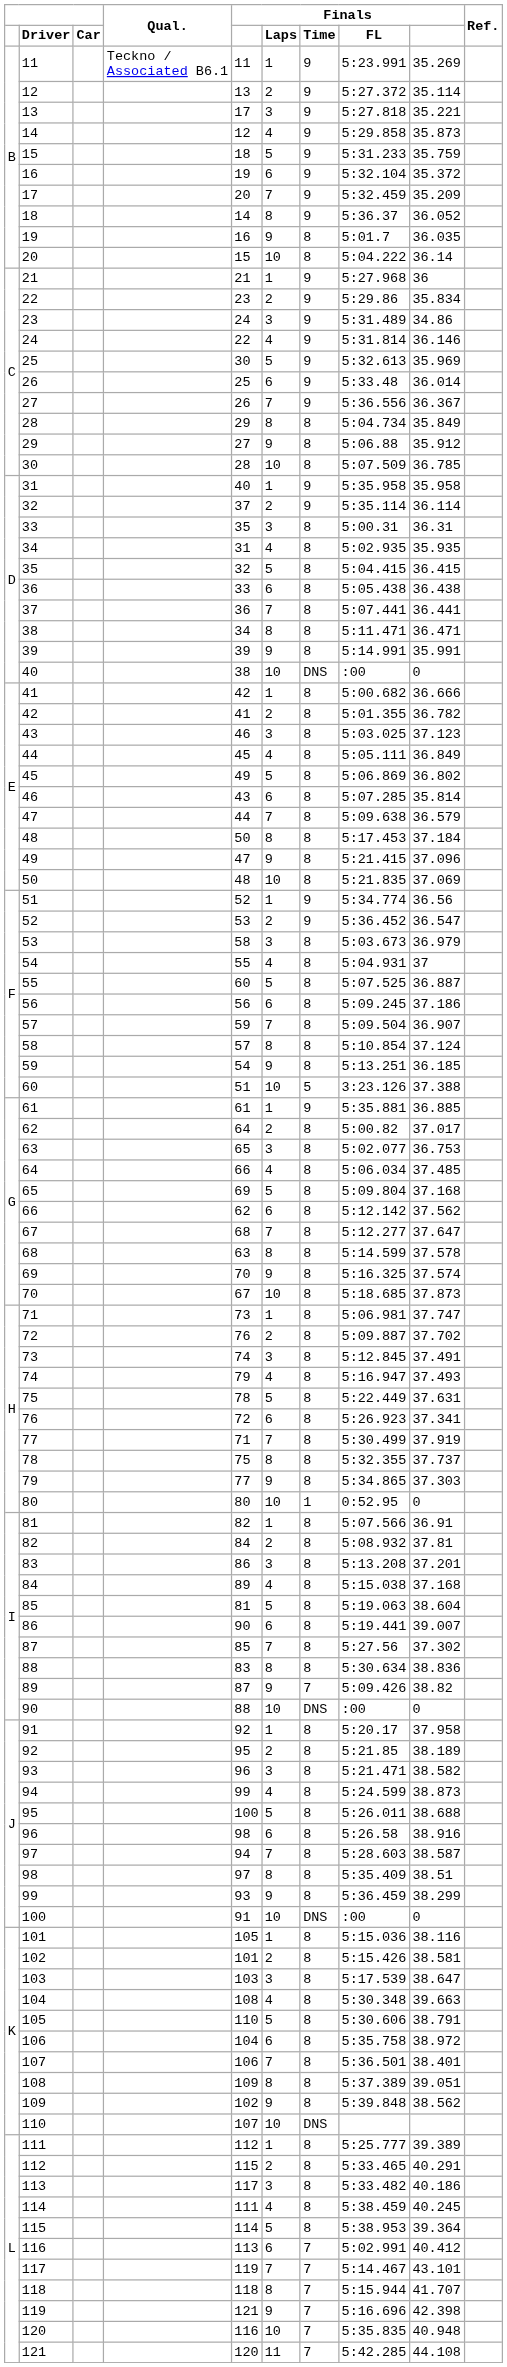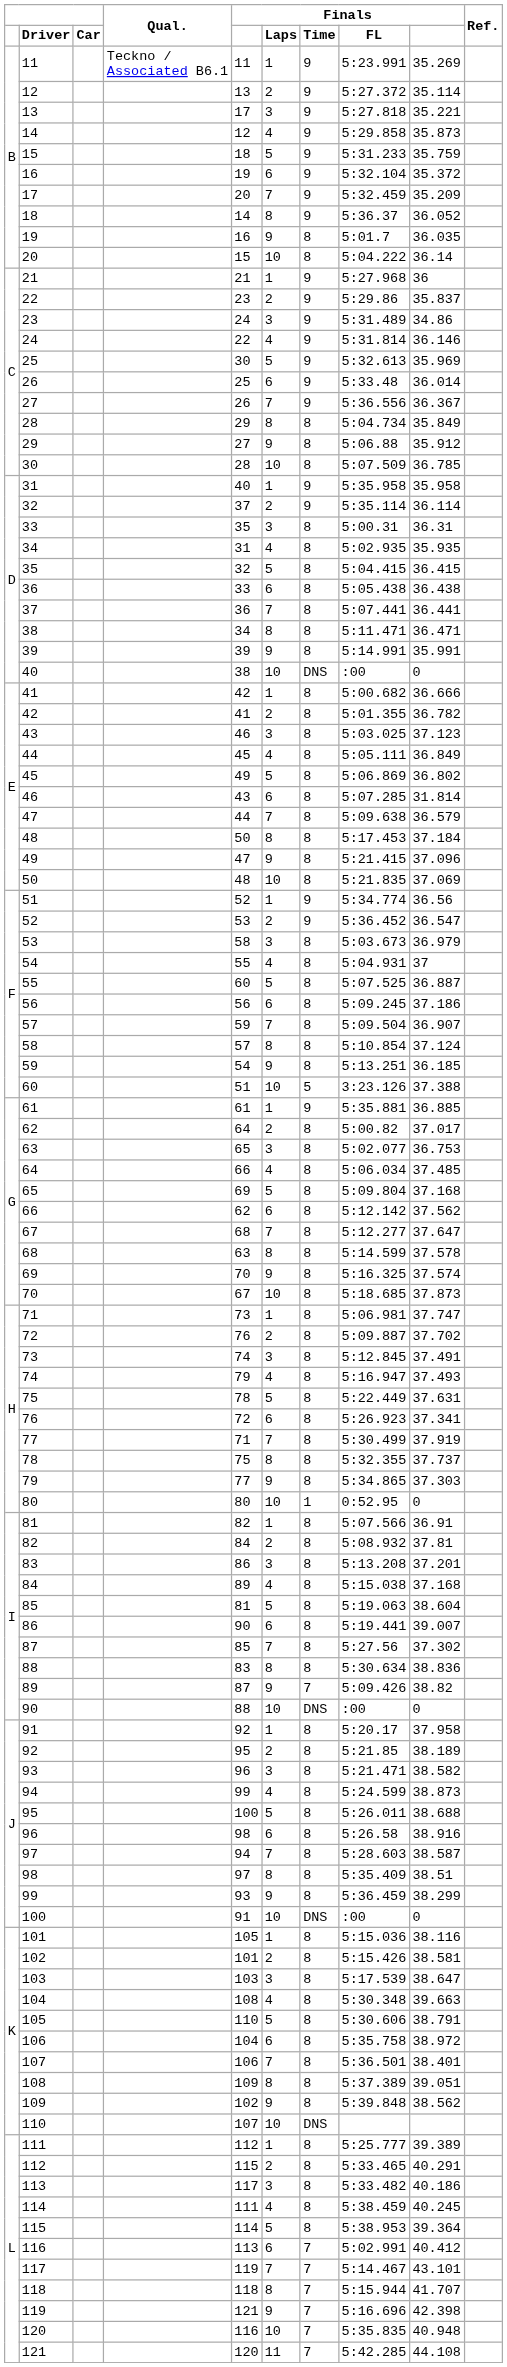 <table border="2" cellpadding="2" cellspacing="0" style="margin:0 1em 0 0; border:1px #aaa solid; border-collapse:collapse; font-size:85%;">
 <tr>
 <th colspan="3"></th>
 <th rowspan="2" style="text-align:center;">Qual.</th>
 <th colspan="5" style="text-align:center;">Finals</th>
 <th rowspan="2" style="text-align:center;">Ref.</th>
 </tr>
 <tr>
 <th style="text-align:center;"></th>
 <th style="text-align:center;">Driver</th>
 <th style="text-align:center;">Car</th>
 <th style="text-align:center;"></th>
 <th style="text-align:center;">Laps</th>
 <th style="text-align:center;">Time</th>
 <th style="text-align:center;">FL</th>
 </tr>
 <tr>
 <td rowspan="10">B</td>
 <td>11</td>
 <td></td>
 <td>Teckno /<br> <a href='#'>Associated</a> B6.1</td>
 <td>11</td>
 <td>1</td>
 <td>9</td>
 <td>5:23.991</td>
 <td>35.269</td>
 <td></td>
 </tr>
 <tr>
 <td>12</td>
 <td></td>
 <td></td>
 <td>13</td>
 <td>2</td>
 <td>9</td>
 <td>5:27.372</td>
 <td>35.114</td>
 <td></td>
 </tr>
 <tr>
 <td>13</td>
 <td></td>
 <td></td>
 <td>17</td>
 <td>3</td>
 <td>9</td>
 <td>5:27.818</td>
 <td>35.221</td>
 <td></td>
 </tr>
 <tr>
 <td>14</td>
 <td></td>
 <td></td>
 <td>12</td>
 <td>4</td>
 <td>9</td>
 <td>5:29.858</td>
 <td>35.873</td>
 <td></td>
 </tr>
 <tr>
 <td>15</td>
 <td></td>
 <td></td>
 <td>18</td>
 <td>5</td>
 <td>9</td>
 <td>5:31.233</td>
 <td>35.759</td>
 <td></td>
 </tr>
 <tr>
 <td>16</td>
 <td></td>
 <td></td>
 <td>19</td>
 <td>6</td>
 <td>9</td>
 <td>5:32.104</td>
 <td>35.372</td>
 <td></td>
 </tr>
 <tr>
 <td>17</td>
 <td></td>
 <td></td>
 <td>20</td>
 <td>7</td>
 <td>9</td>
 <td>5:32.459</td>
 <td>35.209</td>
 <td></td>
 </tr>
 <tr>
 <td>18</td>
 <td></td>
 <td></td>
 <td>14</td>
 <td>8</td>
 <td>9</td>
 <td>5:36.37</td>
 <td>36.052</td>
 <td></td>
 </tr>
 <tr>
 <td>19</td>
 <td></td>
 <td></td>
 <td>16</td>
 <td>9</td>
 <td>8</td>
 <td>5:01.7</td>
 <td>36.035</td>
 <td></td>
 </tr>
 <tr>
 <td>20</td>
 <td></td>
 <td></td>
 <td>15</td>
 <td>10</td>
 <td>8</td>
 <td>5:04.222</td>
 <td>36.14</td>
 <td></td>
 </tr>
 <tr>
 <td rowspan="10">C</td>
 <td>21</td>
 <td></td>
 <td></td>
 <td>21</td>
 <td>1</td>
 <td>9</td>
 <td>5:27.968</td>
 <td>36</td>
 <td></td>
 </tr>
 <tr>
 <td>22</td>
 <td></td>
 <td></td>
 <td>23</td>
 <td>2</td>
 <td>9</td>
 <td>5:29.86</td>
-<td>35.834</td>
+<td>35.837</td>
 <td></td>
 </tr>
 <tr>
 <td>23</td>
 <td></td>
 <td></td>
 <td>24</td>
 <td>3</td>
 <td>9</td>
 <td>5:31.489</td>
 <td>34.86</td>
 <td></td>
 </tr>
 <tr>
 <td>24</td>
 <td></td>
 <td></td>
 <td>22</td>
 <td>4</td>
 <td>9</td>
 <td>5:31.814</td>
 <td>36.146</td>
 <td></td>
 </tr>
 <tr>
 <td>25</td>
 <td></td>
 <td></td>
 <td>30</td>
 <td>5</td>
 <td>9</td>
 <td>5:32.613</td>
 <td>35.969</td>
 <td></td>
 </tr>
 <tr>
 <td>26</td>
 <td></td>
 <td></td>
 <td>25</td>
 <td>6</td>
 <td>9</td>
 <td>5:33.48</td>
 <td>36.014</td>
 <td></td>
 </tr>
 <tr>
 <td>27</td>
 <td></td>
 <td></td>
 <td>26</td>
 <td>7</td>
 <td>9</td>
 <td>5:36.556</td>
 <td>36.367</td>
 <td></td>
 </tr>
 <tr>
 <td>28</td>
 <td></td>
 <td></td>
 <td>29</td>
 <td>8</td>
 <td>8</td>
 <td>5:04.734</td>
 <td>35.849</td>
 <td></td>
 </tr>
 <tr>
 <td>29</td>
 <td></td>
 <td></td>
 <td>27</td>
 <td>9</td>
 <td>8</td>
 <td>5:06.88</td>
 <td>35.912</td>
 <td></td>
 </tr>
 <tr>
 <td>30</td>
 <td></td>
 <td></td>
 <td>28</td>
 <td>10</td>
 <td>8</td>
 <td>5:07.509</td>
 <td>36.785</td>
 <td></td>
 </tr>
 <tr>
 <td rowspan="10">D</td>
 <td>31</td>
 <td></td>
 <td></td>
 <td>40</td>
 <td>1</td>
 <td>9</td>
 <td>5:35.958</td>
 <td>35.958</td>
 <td></td>
 </tr>
 <tr>
 <td>32</td>
 <td></td>
 <td></td>
 <td>37</td>
 <td>2</td>
 <td>9</td>
 <td>5:35.114</td>
 <td>36.114</td>
 <td></td>
 </tr>
 <tr>
 <td>33</td>
 <td></td>
 <td></td>
 <td>35</td>
 <td>3</td>
 <td>8</td>
 <td>5:00.31</td>
 <td>36.31</td>
 <td></td>
 </tr>
 <tr>
 <td>34</td>
 <td></td>
 <td></td>
 <td>31</td>
 <td>4</td>
 <td>8</td>
 <td>5:02.935</td>
 <td>35.935</td>
 <td></td>
 </tr>
 <tr>
 <td>35</td>
 <td></td>
 <td></td>
 <td>32</td>
 <td>5</td>
 <td>8</td>
 <td>5:04.415</td>
 <td>36.415</td>
 <td></td>
 </tr>
 <tr>
 <td>36</td>
 <td></td>
 <td></td>
 <td>33</td>
 <td>6</td>
 <td>8</td>
 <td>5:05.438</td>
 <td>36.438</td>
 <td></td>
 </tr>
 <tr>
 <td>37</td>
 <td></td>
 <td></td>
 <td>36</td>
 <td>7</td>
 <td>8</td>
 <td>5:07.441</td>
 <td>36.441</td>
 <td></td>
 </tr>
 <tr>
 <td>38</td>
 <td></td>
 <td></td>
 <td>34</td>
 <td>8</td>
 <td>8</td>
 <td>5:11.471</td>
 <td>36.471</td>
 <td></td>
 </tr>
 <tr>
 <td>39</td>
 <td></td>
 <td></td>
 <td>39</td>
 <td>9</td>
 <td>8</td>
 <td>5:14.991</td>
 <td>35.991</td>
 <td></td>
 </tr>
 <tr>
 <td>40</td>
 <td></td>
 <td></td>
 <td>38</td>
 <td>10</td>
 <td>DNS</td>
 <td>:00</td>
 <td>0</td>
 <td></td>
 </tr>
 <tr>
 <td rowspan="10">E</td>
 <td>41</td>
 <td></td>
 <td></td>
 <td>42</td>
 <td>1</td>
 <td>8</td>
 <td>5:00.682</td>
 <td>36.666</td>
 <td></td>
 </tr>
 <tr>
 <td>42</td>
 <td></td>
 <td></td>
 <td>41</td>
 <td>2</td>
 <td>8</td>
 <td>5:01.355</td>
 <td>36.782</td>
 <td></td>
 </tr>
 <tr>
 <td>43</td>
 <td></td>
 <td></td>
 <td>46</td>
 <td>3</td>
 <td>8</td>
 <td>5:03.025</td>
 <td>37.123</td>
 <td></td>
 </tr>
 <tr>
 <td>44</td>
 <td></td>
 <td></td>
 <td>45</td>
 <td>4</td>
 <td>8</td>
 <td>5:05.111</td>
 <td>36.849</td>
 <td></td>
 </tr>
 <tr>
 <td>45</td>
 <td></td>
 <td></td>
 <td>49</td>
 <td>5</td>
 <td>8</td>
 <td>5:06.869</td>
 <td>36.802</td>
 <td></td>
 </tr>
 <tr>
 <td>46</td>
 <td></td>
 <td></td>
 <td>43</td>
 <td>6</td>
 <td>8</td>
 <td>5:07.285</td>
-<td>35.814</td>
+<td>31.814</td>
 <td></td>
 </tr>
 <tr>
 <td>47</td>
 <td></td>
 <td></td>
 <td>44</td>
 <td>7</td>
 <td>8</td>
 <td>5:09.638</td>
 <td>36.579</td>
 <td></td>
 </tr>
 <tr>
 <td>48</td>
 <td></td>
 <td></td>
 <td>50</td>
 <td>8</td>
 <td>8</td>
 <td>5:17.453</td>
 <td>37.184</td>
 <td></td>
 </tr>
 <tr>
 <td>49</td>
 <td></td>
 <td></td>
 <td>47</td>
 <td>9</td>
 <td>8</td>
 <td>5:21.415</td>
 <td>37.096</td>
 <td></td>
 </tr>
 <tr>
 <td>50</td>
 <td></td>
 <td></td>
 <td>48</td>
 <td>10</td>
 <td>8</td>
 <td>5:21.835</td>
 <td>37.069</td>
 <td></td>
 </tr>
 <tr>
 <td rowspan="10">F</td>
 <td>51</td>
 <td></td>
 <td></td>
 <td>52</td>
 <td>1</td>
 <td>9</td>
 <td>5:34.774</td>
 <td>36.56</td>
 <td></td>
 </tr>
 <tr>
 <td>52</td>
 <td></td>
 <td></td>
 <td>53</td>
 <td>2</td>
 <td>9</td>
 <td>5:36.452</td>
 <td>36.547</td>
 <td></td>
 </tr>
 <tr>
 <td>53</td>
 <td></td>
 <td></td>
 <td>58</td>
 <td>3</td>
 <td>8</td>
 <td>5:03.673</td>
 <td>36.979</td>
 <td></td>
 </tr>
 <tr>
 <td>54</td>
 <td></td>
 <td></td>
 <td>55</td>
 <td>4</td>
 <td>8</td>
 <td>5:04.931</td>
 <td>37</td>
 <td></td>
 </tr>
 <tr>
 <td>55</td>
 <td></td>
 <td></td>
 <td>60</td>
 <td>5</td>
 <td>8</td>
 <td>5:07.525</td>
 <td>36.887</td>
 <td></td>
 </tr>
 <tr>
 <td>56</td>
 <td></td>
 <td></td>
 <td>56</td>
 <td>6</td>
 <td>8</td>
 <td>5:09.245</td>
 <td>37.186</td>
 <td></td>
 </tr>
 <tr>
 <td>57</td>
 <td></td>
 <td></td>
 <td>59</td>
 <td>7</td>
 <td>8</td>
 <td>5:09.504</td>
 <td>36.907</td>
 <td></td>
 </tr>
 <tr>
 <td>58</td>
 <td></td>
 <td></td>
 <td>57</td>
 <td>8</td>
 <td>8</td>
 <td>5:10.854</td>
 <td>37.124</td>
 <td></td>
 </tr>
 <tr>
 <td>59</td>
 <td></td>
 <td></td>
 <td>54</td>
 <td>9</td>
 <td>8</td>
 <td>5:13.251</td>
 <td>36.185</td>
 <td></td>
 </tr>
 <tr>
 <td>60</td>
 <td></td>
 <td></td>
 <td>51</td>
 <td>10</td>
 <td>5</td>
 <td>3:23.126</td>
 <td>37.388</td>
 <td></td>
 </tr>
 <tr>
 <td rowspan="10">G</td>
 <td>61</td>
 <td></td>
 <td></td>
 <td>61</td>
 <td>1</td>
 <td>9</td>
 <td>5:35.881</td>
 <td>36.885</td>
 <td></td>
 </tr>
 <tr>
 <td>62</td>
 <td></td>
 <td></td>
 <td>64</td>
 <td>2</td>
 <td>8</td>
 <td>5:00.82</td>
 <td>37.017</td>
 <td></td>
 </tr>
 <tr>
 <td>63</td>
 <td></td>
 <td></td>
 <td>65</td>
 <td>3</td>
 <td>8</td>
 <td>5:02.077</td>
 <td>36.753</td>
 <td></td>
 </tr>
 <tr>
 <td>64</td>
 <td></td>
 <td></td>
 <td>66</td>
 <td>4</td>
 <td>8</td>
 <td>5:06.034</td>
 <td>37.485</td>
 <td></td>
 </tr>
 <tr>
 <td>65</td>
 <td></td>
 <td></td>
 <td>69</td>
 <td>5</td>
 <td>8</td>
 <td>5:09.804</td>
 <td>37.168</td>
 <td></td>
 </tr>
 <tr>
 <td>66</td>
 <td></td>
 <td></td>
 <td>62</td>
 <td>6</td>
 <td>8</td>
 <td>5:12.142</td>
 <td>37.562</td>
 <td></td>
 </tr>
 <tr>
 <td>67</td>
 <td></td>
 <td></td>
 <td>68</td>
 <td>7</td>
 <td>8</td>
 <td>5:12.277</td>
 <td>37.647</td>
 <td></td>
 </tr>
 <tr>
 <td>68</td>
 <td></td>
 <td></td>
 <td>63</td>
 <td>8</td>
 <td>8</td>
 <td>5:14.599</td>
 <td>37.578</td>
 <td></td>
 </tr>
 <tr>
 <td>69</td>
 <td></td>
 <td></td>
 <td>70</td>
 <td>9</td>
 <td>8</td>
 <td>5:16.325</td>
 <td>37.574</td>
 <td></td>
 </tr>
 <tr>
 <td>70</td>
 <td></td>
 <td></td>
 <td>67</td>
 <td>10</td>
 <td>8</td>
 <td>5:18.685</td>
 <td>37.873</td>
 <td></td>
 </tr>
 <tr>
 <td rowspan="10">H</td>
 <td>71</td>
 <td></td>
 <td></td>
 <td>73</td>
 <td>1</td>
 <td>8</td>
 <td>5:06.981</td>
 <td>37.747</td>
 <td></td>
 </tr>
 <tr>
 <td>72</td>
 <td></td>
 <td></td>
 <td>76</td>
 <td>2</td>
 <td>8</td>
 <td>5:09.887</td>
 <td>37.702</td>
 <td></td>
 </tr>
 <tr>
 <td>73</td>
 <td></td>
 <td></td>
 <td>74</td>
 <td>3</td>
 <td>8</td>
 <td>5:12.845</td>
 <td>37.491</td>
 <td></td>
 </tr>
 <tr>
 <td>74</td>
 <td></td>
 <td></td>
 <td>79</td>
 <td>4</td>
 <td>8</td>
 <td>5:16.947</td>
 <td>37.493</td>
 <td></td>
 </tr>
 <tr>
 <td>75</td>
 <td></td>
 <td></td>
 <td>78</td>
 <td>5</td>
 <td>8</td>
 <td>5:22.449</td>
 <td>37.631</td>
 <td></td>
 </tr>
 <tr>
 <td>76</td>
 <td></td>
 <td></td>
 <td>72</td>
 <td>6</td>
 <td>8</td>
 <td>5:26.923</td>
 <td>37.341</td>
 <td></td>
 </tr>
 <tr>
 <td>77</td>
 <td></td>
 <td></td>
 <td>71</td>
 <td>7</td>
 <td>8</td>
 <td>5:30.499</td>
 <td>37.919</td>
 <td></td>
 </tr>
 <tr>
 <td>78</td>
 <td></td>
 <td></td>
 <td>75</td>
 <td>8</td>
 <td>8</td>
 <td>5:32.355</td>
 <td>37.737</td>
 <td></td>
 </tr>
 <tr>
 <td>79</td>
 <td></td>
 <td></td>
 <td>77</td>
 <td>9</td>
 <td>8</td>
 <td>5:34.865</td>
 <td>37.303</td>
 <td></td>
 </tr>
 <tr>
 <td>80</td>
 <td></td>
 <td></td>
 <td>80</td>
 <td>10</td>
 <td>1</td>
 <td>0:52.95</td>
 <td>0</td>
 <td></td>
 </tr>
 <tr>
 <td rowspan="10">I</td>
 <td>81</td>
 <td></td>
 <td></td>
 <td>82</td>
 <td>1</td>
 <td>8</td>
 <td>5:07.566</td>
 <td>36.91</td>
 <td></td>
 </tr>
 <tr>
 <td>82</td>
 <td></td>
 <td></td>
 <td>84</td>
 <td>2</td>
 <td>8</td>
 <td>5:08.932</td>
 <td>37.81</td>
 <td></td>
 </tr>
 <tr>
 <td>83</td>
 <td></td>
 <td></td>
 <td>86</td>
 <td>3</td>
 <td>8</td>
 <td>5:13.208</td>
 <td>37.201</td>
 <td></td>
 </tr>
 <tr>
 <td>84</td>
 <td></td>
 <td></td>
 <td>89</td>
 <td>4</td>
 <td>8</td>
 <td>5:15.038</td>
 <td>37.168</td>
 <td></td>
 </tr>
 <tr>
 <td>85</td>
 <td></td>
 <td></td>
 <td>81</td>
 <td>5</td>
 <td>8</td>
 <td>5:19.063</td>
 <td>38.604</td>
 <td></td>
 </tr>
 <tr>
 <td>86</td>
 <td></td>
 <td></td>
 <td>90</td>
 <td>6</td>
 <td>8</td>
 <td>5:19.441</td>
 <td>39.007</td>
 <td></td>
 </tr>
 <tr>
 <td>87</td>
 <td></td>
 <td></td>
 <td>85</td>
 <td>7</td>
 <td>8</td>
 <td>5:27.56</td>
 <td>37.302</td>
 <td></td>
 </tr>
 <tr>
 <td>88</td>
 <td></td>
 <td></td>
 <td>83</td>
 <td>8</td>
 <td>8</td>
 <td>5:30.634</td>
 <td>38.836</td>
 <td></td>
 </tr>
 <tr>
 <td>89</td>
 <td></td>
 <td></td>
 <td>87</td>
 <td>9</td>
 <td>7</td>
 <td>5:09.426</td>
 <td>38.82</td>
 <td></td>
 </tr>
 <tr>
 <td>90</td>
 <td></td>
 <td></td>
 <td>88</td>
 <td>10</td>
 <td>DNS</td>
 <td>:00</td>
 <td>0</td>
 <td></td>
 </tr>
 <tr>
 <td rowspan="10">J</td>
 <td>91</td>
 <td></td>
 <td></td>
 <td>92</td>
 <td>1</td>
 <td>8</td>
 <td>5:20.17</td>
 <td>37.958</td>
 <td></td>
 </tr>
 <tr>
 <td>92</td>
 <td></td>
 <td></td>
 <td>95</td>
 <td>2</td>
 <td>8</td>
 <td>5:21.85</td>
 <td>38.189</td>
 <td></td>
 </tr>
 <tr>
 <td>93</td>
 <td></td>
 <td></td>
 <td>96</td>
 <td>3</td>
 <td>8</td>
 <td>5:21.471</td>
 <td>38.582</td>
 <td></td>
 </tr>
 <tr>
 <td>94</td>
 <td></td>
 <td></td>
 <td>99</td>
 <td>4</td>
 <td>8</td>
 <td>5:24.599</td>
 <td>38.873</td>
 <td></td>
 </tr>
 <tr>
 <td>95</td>
 <td></td>
 <td></td>
 <td>100</td>
 <td>5</td>
 <td>8</td>
 <td>5:26.011</td>
 <td>38.688</td>
 <td></td>
 </tr>
 <tr>
 <td>96</td>
 <td></td>
 <td></td>
 <td>98</td>
 <td>6</td>
 <td>8</td>
 <td>5:26.58</td>
 <td>38.916</td>
 <td></td>
 </tr>
 <tr>
 <td>97</td>
 <td></td>
 <td></td>
 <td>94</td>
 <td>7</td>
 <td>8</td>
 <td>5:28.603</td>
 <td>38.587</td>
 <td></td>
 </tr>
 <tr>
 <td>98</td>
 <td></td>
 <td></td>
 <td>97</td>
 <td>8</td>
 <td>8</td>
 <td>5:35.409</td>
 <td>38.51</td>
 <td></td>
 </tr>
 <tr>
 <td>99</td>
 <td></td>
 <td></td>
 <td>93</td>
 <td>9</td>
 <td>8</td>
 <td>5:36.459</td>
 <td>38.299</td>
 <td></td>
 </tr>
 <tr>
 <td>100</td>
 <td></td>
 <td></td>
 <td>91</td>
 <td>10</td>
 <td>DNS</td>
 <td>:00</td>
 <td>0</td>
 <td></td>
 </tr>
 <tr>
 <td rowspan="10">K</td>
 <td>101</td>
 <td></td>
 <td></td>
 <td>105</td>
 <td>1</td>
 <td>8</td>
 <td>5:15.036</td>
 <td>38.116</td>
 <td></td>
 </tr>
 <tr>
 <td>102</td>
 <td></td>
 <td></td>
 <td>101</td>
 <td>2</td>
 <td>8</td>
 <td>5:15.426</td>
 <td>38.581</td>
 <td></td>
 </tr>
 <tr>
 <td>103</td>
 <td></td>
 <td></td>
 <td>103</td>
 <td>3</td>
 <td>8</td>
 <td>5:17.539</td>
 <td>38.647</td>
 <td></td>
 </tr>
 <tr>
 <td>104</td>
 <td></td>
 <td></td>
 <td>108</td>
 <td>4</td>
 <td>8</td>
 <td>5:30.348</td>
 <td>39.663</td>
 <td></td>
 </tr>
 <tr>
 <td>105</td>
 <td></td>
 <td></td>
 <td>110</td>
 <td>5</td>
 <td>8</td>
 <td>5:30.606</td>
 <td>38.791</td>
 <td></td>
 </tr>
 <tr>
 <td>106</td>
 <td></td>
 <td></td>
 <td>104</td>
 <td>6</td>
 <td>8</td>
 <td>5:35.758</td>
 <td>38.972</td>
 <td></td>
 </tr>
 <tr>
 <td>107</td>
 <td></td>
 <td></td>
 <td>106</td>
 <td>7</td>
 <td>8</td>
 <td>5:36.501</td>
 <td>38.401</td>
 <td></td>
 </tr>
 <tr>
 <td>108</td>
 <td></td>
 <td></td>
 <td>109</td>
 <td>8</td>
 <td>8</td>
 <td>5:37.389</td>
 <td>39.051</td>
 <td></td>
 </tr>
 <tr>
 <td>109</td>
 <td></td>
 <td></td>
 <td>102</td>
 <td>9</td>
 <td>8</td>
 <td>5:39.848</td>
 <td>38.562</td>
 <td></td>
 </tr>
 <tr>
 <td>110</td>
 <td></td>
 <td></td>
 <td>107</td>
 <td>10</td>
 <td>DNS</td>
 <td></td>
 <td></td>
 <td></td>
 </tr>
 <tr>
 <td rowspan="11">L</td>
 <td>111</td>
 <td></td>
 <td></td>
 <td>112</td>
 <td>1</td>
 <td>8</td>
 <td>5:25.777</td>
 <td>39.389</td>
 <td></td>
 </tr>
 <tr>
 <td>112</td>
 <td></td>
 <td></td>
 <td>115</td>
 <td>2</td>
 <td>8</td>
 <td>5:33.465</td>
 <td>40.291</td>
 <td></td>
 </tr>
 <tr>
 <td>113</td>
 <td></td>
 <td></td>
 <td>117</td>
 <td>3</td>
 <td>8</td>
 <td>5:33.482</td>
 <td>40.186</td>
 <td></td>
 </tr>
 <tr>
 <td>114</td>
 <td></td>
 <td></td>
 <td>111</td>
 <td>4</td>
 <td>8</td>
 <td>5:38.459</td>
 <td>40.245</td>
 <td></td>
 </tr>
 <tr>
 <td>115</td>
 <td></td>
 <td></td>
 <td>114</td>
 <td>5</td>
 <td>8</td>
 <td>5:38.953</td>
 <td>39.364</td>
 <td></td>
 </tr>
 <tr>
 <td>116</td>
 <td></td>
 <td></td>
 <td>113</td>
 <td>6</td>
 <td>7</td>
 <td>5:02.991</td>
 <td>40.412</td>
 <td></td>
 </tr>
 <tr>
 <td>117</td>
 <td></td>
 <td></td>
 <td>119</td>
 <td>7</td>
 <td>7</td>
 <td>5:14.467</td>
 <td>43.101</td>
 <td></td>
 </tr>
 <tr>
 <td>118</td>
 <td></td>
 <td></td>
 <td>118</td>
 <td>8</td>
 <td>7</td>
 <td>5:15.944</td>
 <td>41.707</td>
 <td></td>
 </tr>
 <tr>
 <td>119</td>
 <td></td>
 <td></td>
 <td>121</td>
 <td>9</td>
 <td>7</td>
 <td>5:16.696</td>
 <td>42.398</td>
 <td></td>
 </tr>
 <tr>
 <td>120</td>
 <td></td>
 <td></td>
 <td>116</td>
 <td>10</td>
 <td>7</td>
 <td>5:35.835</td>
 <td>40.948</td>
 <td></td>
 </tr>
 <tr>
 <td>121</td>
 <td></td>
 <td></td>
 <td>120</td>
 <td>11</td>
 <td>7</td>
 <td>5:42.285</td>
 <td>44.108</td>
 <td></td>
 </tr>
 <tr>
 </tr>
 </table>
